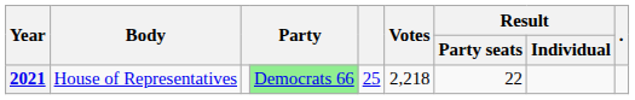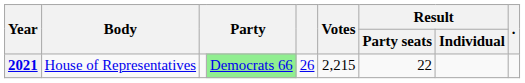 <table class="wikitable plainrowheaders sortable" border=2 cellpadding=4 cellspacing=0 style="border: 1px #aaa solid; font-size: 90%; text-align:center;">
 <tr>
 <th scope="col" rowspan=2>Year</th>
 <th scope="col" rowspan=2>Body</th>
 <th scope="col" colspan=2 rowspan=2>Party</th>
 <th scope="col" rowspan=2></th>
 <th scope="col" rowspan=2>Votes</th>
 <th scope="colgroup" colspan=2>Result</th>
 <th scope="col" rowspan=2 class="unsortable">.</th>
 </tr>
 <tr>
 <th scope="col">Party seats</th>
 <th scope="col">Individual</th>
 </tr>
 <tr>
 <th scope="row"><a href='#'>2021</a></th>
 <td><a href='#'>House of Representatives</a></td>
 <td style="background-color:"></td>
 <td style="background: lightgreen;"><a href='#'>Democrats 66</a></td>
-<td style=text-align:right><a href='#'>25</a></td>
-<td style=text-align:right>2,218</td>
+<td style=text-align:right><a href='#'>26</a></td>
+<td style=text-align:right>2,215</td>
 <td style=text-align:right>22</td>
 <td></td>
 <td></td>
 </tr>
 </table>
